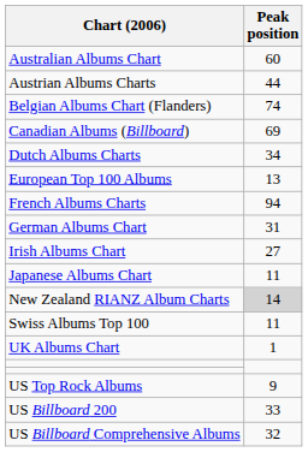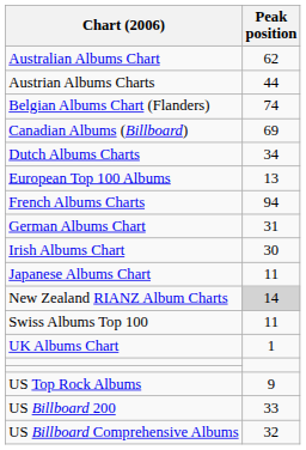 <table class="wikitable sortable">
 <tr>
 <th>Chart (2006)</th>
 <th>Peak<br>position</th>
 </tr>
 <tr>
 <td><a href='#'>Australian Albums Chart</a></td>
-<td align=center>60</td>
+<td align=center>62</td>
 </tr>
 <tr>
 <td>Austrian Albums Charts</td>
 <td align=center>44</td>
 </tr>
 <tr>
 <td><a href='#'>Belgian Albums Chart</a> (Flanders)</td>
 <td align=center>74</td>
 </tr>
 <tr>
 <td><a href='#'>Canadian Albums</a> (<a href='#'><em>Billboard</em></a>)</td>
 <td style="text-align:center;">69</td>
 </tr>
 <tr>
 <td><a href='#'>Dutch Albums Charts</a></td>
 <td align=center>34</td>
 </tr>
 <tr>
 <td><a href='#'>European Top 100 Albums</a></td>
 <td align=center>13</td>
 </tr>
 <tr>
 <td><a href='#'>French Albums Charts</a></td>
 <td align=center>94</td>
 </tr>
 <tr>
 <td><a href='#'>German Albums Chart</a></td>
 <td align=center>31</td>
 </tr>
 <tr>
 <td><a href='#'>Irish Albums Chart</a></td>
-<td align=center>27</td>
+<td align=center>30</td>
 </tr>
 <tr>
 <td><a href='#'>Japanese Albums Chart</a></td>
 <td align=center>11</td>
 </tr>
 <tr>
 <td>New Zealand <a href='#'>RIANZ Album Charts</a></td>
 <td align=center style="background: lightgrey;">14</td>
 </tr>
 <tr>
 <td>Swiss Albums Top 100</td>
 <td align=center>11</td>
 </tr>
 <tr>
 <td><a href='#'>UK Albums Chart</a></td>
 <td align=center>1</td>
 </tr>
 <tr>
 <td></td>
 </tr>
 <tr>
 <td></td>
 </tr>
 <tr>
 <td>US <a href='#'>Top Rock Albums</a></td>
 <td align=center>9</td>
 </tr>
 <tr>
 <td>US <a href='#'><em>Billboard</em> 200</a></td>
 <td align=center>33</td>
 </tr>
 <tr>
 <td>US <a href='#'><em>Billboard</em> Comprehensive Albums</a></td>
 <td align=center>32</td>
 </tr>
 </table>
